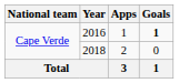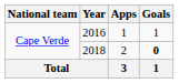 <table class="wikitable" style="text-align:center">
 <tr>
 <th>National team</th>
 <th>Year</th>
 <th>Apps</th>
 <th>Goals</th>
 </tr>
 <tr>
 <td rowspan="2"><a href='#'>Cape Verde</a></td>
 <td>2016</td>
 <td>1</td>
-<td><strong>1</strong></td>
+<td>1</td>
 </tr>
 <tr>
 <td>2018</td>
 <td>2</td>
-<td>0</td>
+<td><strong>0</strong></td>
 </tr>
 <tr>
 <th colspan="2">Total</th>
 <th>3</th>
 <th>1</th>
 </tr>
 </table>
